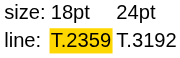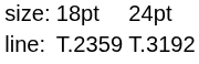 <table style="margin-left:40px;">
 <tr>
 <td>size:</td>
 <td>18pt</td>
 <td>24pt</td>
 </tr>
 <tr>
 <td>line:</td>
-<td style="background: gold;">T.2359</td>
+<td>T.2359</td>
 <td>T.3192</td>
 </tr>
 </table>
